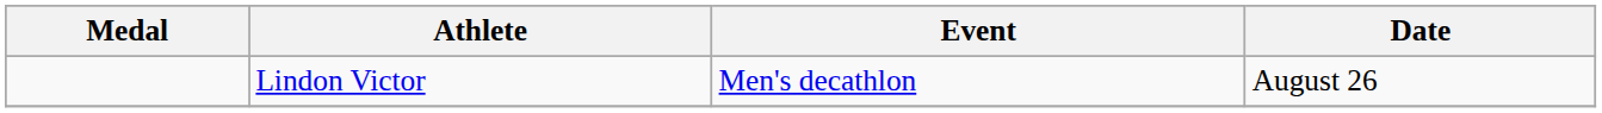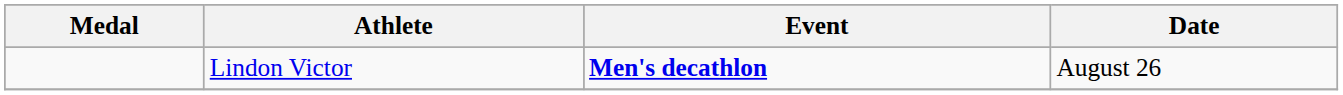 <table class="wikitable" style="font-size:90%" width=60%>
 <tr>
 <th>Medal</th>
 <th>Athlete</th>
 <th>Event</th>
 <th>Date</th>
 </tr>
 <tr>
 <td></td>
 <td><a href='#'>Lindon Victor</a></td>
-<td><a href='#'>Men's decathlon</a></td>
+<td><strong><a href='#'>Men's decathlon</a></strong></td>
 <td>August 26</td>
 </tr>
 <tr>
 </tr>
 </table>
